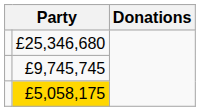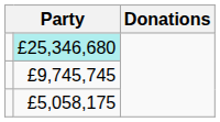 <table class="wikitable" style="text-align:right; font-size:95%;">
 <tr>
 <th colspan="2">Party</th>
 <th>Donations</th>
 </tr>
 <tr>
 <td></td>
-<td>£25,346,680</td>
+<td style="background: paleturquoise;">£25,346,680</td>
 </tr>
 <tr>
 <td></td>
 <td>£9,745,745</td>
 </tr>
 <tr>
 <td></td>
-<td style="background: gold;">£5,058,175</td>
+<td>£5,058,175</td>
 </tr>
 </table>
